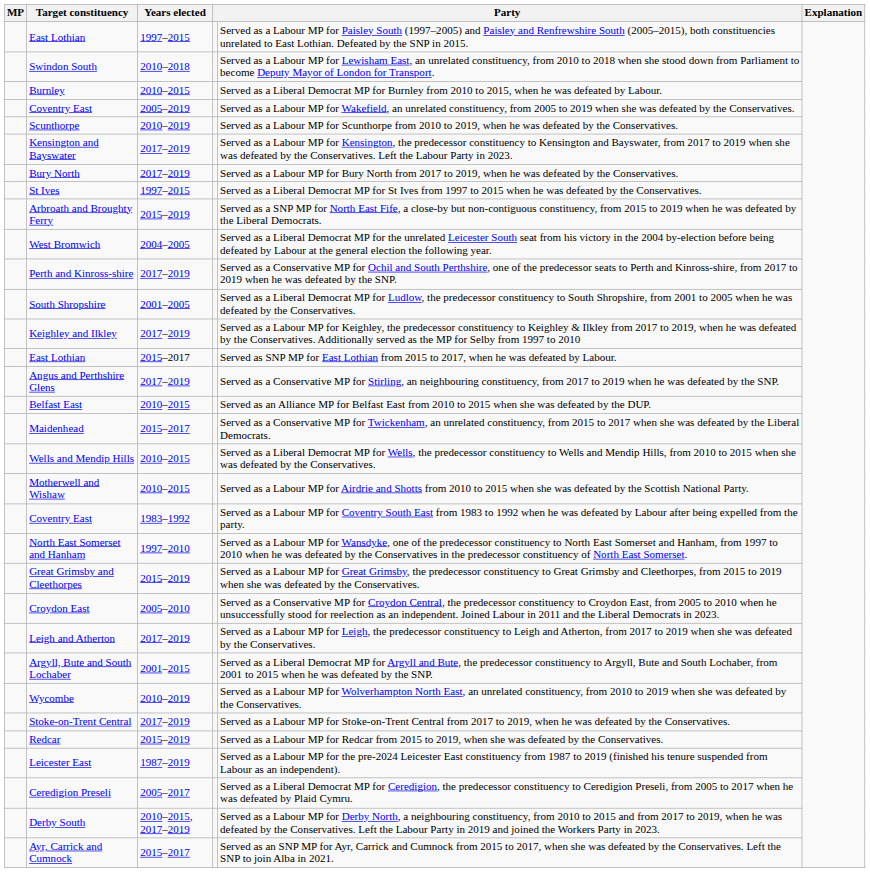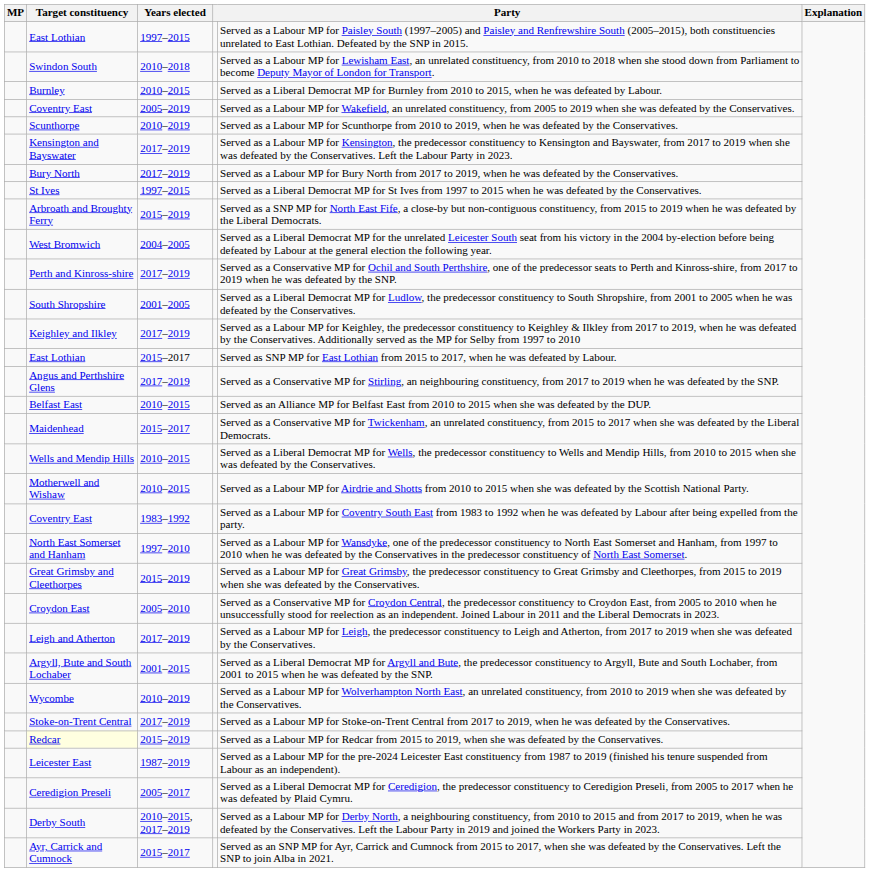 <table class="wikitable sortable">
 <tr>
 <th scope="col">MP</th>
 <th scope="col">Target constituency</th>
 <th scope="col">Years elected</th>
 <th colspan=2>Party</th>
 <th scope="col" class="unsortable">Explanation</th>
 </tr>
 <tr>
 <td></td>
 <td><a href='#'>East Lothian</a></td>
 <td><a href='#'>1997</a>–<a href='#'>2015</a></td>
 <td></td>
 <td>Served as a Labour MP for <a href='#'>Paisley South</a> (1997–2005) and <a href='#'>Paisley  and Renfrewshire South</a> (2005–2015), both constituencies unrelated to East Lothian. Defeated by the SNP in 2015.</td>
 </tr>
 <tr>
 <td></td>
 <td><a href='#'>Swindon South</a></td>
 <td><a href='#'>2010</a>–<a href='#'>2018</a></td>
 <td></td>
 <td>Served as a Labour MP for <a href='#'>Lewisham East</a>, an unrelated constituency, from 2010 to 2018 when she stood down from Parliament to become <a href='#'>Deputy Mayor of London for Transport</a>.</td>
 </tr>
 <tr>
 <td></td>
 <td><a href='#'>Burnley</a></td>
 <td><a href='#'>2010</a>–<a href='#'>2015</a></td>
 <td></td>
 <td>Served as a Liberal Democrat MP for Burnley from 2010 to 2015, when he was defeated by Labour.</td>
 </tr>
 <tr>
 <td></td>
 <td><a href='#'>Coventry East</a></td>
 <td><a href='#'>2005</a>–<a href='#'>2019</a></td>
 <td></td>
 <td>Served as a Labour MP for <a href='#'>Wakefield</a>, an unrelated constituency, from 2005 to 2019 when she was defeated by the Conservatives.</td>
 </tr>
 <tr>
 <td></td>
 <td><a href='#'>Scunthorpe</a></td>
 <td><a href='#'>2010</a>–<a href='#'>2019</a></td>
 <td></td>
 <td>Served as a Labour MP for Scunthorpe from 2010 to 2019, when he was defeated by the Conservatives.</td>
 </tr>
 <tr>
 <td></td>
 <td><a href='#'>Kensington and Bayswater</a></td>
 <td><a href='#'>2017</a>–<a href='#'>2019</a></td>
 <td></td>
 <td>Served as a Labour MP for <a href='#'>Kensington</a>, the predecessor constituency to Kensington and Bayswater, from 2017 to 2019 when she was defeated by the Conservatives. Left the Labour Party in 2023.</td>
 </tr>
 <tr>
 <td></td>
 <td><a href='#'>Bury North</a></td>
 <td><a href='#'>2017</a>–<a href='#'>2019</a></td>
 <td></td>
 <td>Served as a Labour MP for Bury North from 2017 to 2019, when he was defeated by the Conservatives.</td>
 </tr>
 <tr>
 <td></td>
 <td><a href='#'>St Ives</a></td>
 <td><a href='#'>1997</a>–<a href='#'>2015</a></td>
 <td></td>
 <td>Served as a Liberal Democrat MP for St Ives from 1997 to 2015 when he was defeated by the Conservatives.</td>
 </tr>
 <tr>
 <td></td>
 <td><a href='#'>Arbroath and Broughty Ferry</a></td>
 <td><a href='#'>2015</a>–<a href='#'>2019</a></td>
 <td></td>
 <td>Served as a SNP MP for <a href='#'>North East Fife</a>, a close-by but non-contiguous constituency, from 2015 to 2019 when he was defeated by the Liberal Democrats.</td>
 </tr>
 <tr>
 <td></td>
 <td><a href='#'>West Bromwich</a></td>
 <td><a href='#'>2004</a>–<a href='#'>2005</a></td>
 <td></td>
 <td>Served as a Liberal Democrat MP for the unrelated <a href='#'>Leicester South</a> seat from his victory in the 2004 by-election before being defeated by Labour at the general election the following year.</td>
 </tr>
 <tr>
 <td></td>
 <td><a href='#'>Perth and Kinross-shire</a></td>
 <td><a href='#'>2017</a>–<a href='#'>2019</a></td>
 <td></td>
 <td>Served as a Conservative MP for <a href='#'>Ochil and South Perthshire</a>, one of the predecessor seats to Perth and Kinross-shire, from 2017 to 2019 when he was defeated by the SNP.</td>
 </tr>
 <tr>
 <td></td>
 <td><a href='#'>South Shropshire</a></td>
 <td><a href='#'>2001</a>–<a href='#'>2005</a></td>
 <td></td>
 <td>Served as a Liberal Democrat MP for <a href='#'>Ludlow</a>, the predecessor constituency to South Shropshire, from 2001 to 2005 when he was defeated by the Conservatives.</td>
 </tr>
 <tr>
 <td></td>
 <td><a href='#'>Keighley and Ilkley</a></td>
 <td><a href='#'>2017</a>–<a href='#'>2019</a></td>
 <td></td>
 <td>Served as a Labour MP for Keighley, the predecessor constituency to Keighley & Ilkley from 2017 to 2019, when he was defeated by the Conservatives. Additionally served as the MP for Selby from 1997 to 2010</td>
 </tr>
 <tr>
 <td></td>
 <td><a href='#'>East Lothian</a></td>
 <td><a href='#'>2015</a>–2017</td>
 <td></td>
 <td>Served as SNP MP for <a href='#'>East Lothian</a> from 2015 to 2017, when he was defeated by Labour.</td>
 </tr>
 <tr>
 <td></td>
 <td><a href='#'>Angus and Perthshire Glens</a></td>
 <td><a href='#'>2017</a>–<a href='#'>2019</a></td>
 <td></td>
 <td>Served as a Conservative MP for <a href='#'>Stirling</a>, an neighbouring constituency, from 2017 to 2019 when he was defeated by the SNP.</td>
 </tr>
 <tr>
 <td></td>
 <td><a href='#'>Belfast East</a></td>
 <td><a href='#'>2010</a>–<a href='#'>2015</a></td>
 <td></td>
 <td>Served as an Alliance MP for Belfast East from 2010 to 2015 when she was defeated by the DUP.</td>
 </tr>
 <tr>
 <td></td>
 <td><a href='#'>Maidenhead</a></td>
 <td><a href='#'>2015</a>–<a href='#'>2017</a></td>
 <td></td>
 <td>Served as a Conservative MP for <a href='#'>Twickenham</a>, an unrelated constituency, from 2015 to 2017 when she was defeated by the Liberal Democrats.</td>
 </tr>
 <tr>
 <td></td>
 <td><a href='#'>Wells and Mendip Hills</a></td>
 <td><a href='#'>2010</a>–<a href='#'>2015</a></td>
 <td></td>
 <td>Served as a Liberal Democrat MP for <a href='#'>Wells</a>, the predecessor constituency to Wells and Mendip Hills, from 2010 to 2015 when she was defeated by the Conservatives.</td>
 </tr>
 <tr>
 <td></td>
 <td><a href='#'>Motherwell and Wishaw</a></td>
 <td><a href='#'>2010</a>–<a href='#'>2015</a></td>
 <td></td>
 <td>Served as a Labour MP for <a href='#'>Airdrie and Shotts</a> from 2010 to 2015 when she was defeated by the Scottish National Party.</td>
 </tr>
 <tr>
 <td></td>
 <td><a href='#'>Coventry East</a></td>
 <td><a href='#'>1983</a>–<a href='#'>1992</a></td>
 <td></td>
 <td>Served as a Labour MP for <a href='#'>Coventry South East</a> from 1983 to 1992 when he was defeated by Labour after being expelled from the party.</td>
 </tr>
 <tr>
 <td></td>
 <td><a href='#'>North East Somerset and Hanham</a></td>
 <td><a href='#'>1997</a>–<a href='#'>2010</a></td>
 <td></td>
 <td>Served as a Labour MP for <a href='#'>Wansdyke</a>, one of the predecessor constituency to North East Somerset and Hanham, from 1997 to 2010 when he was defeated by the Conservatives in the predecessor constituency of <a href='#'>North East Somerset</a>.</td>
 </tr>
 <tr>
 <td></td>
 <td><a href='#'>Great Grimsby and Cleethorpes</a></td>
 <td><a href='#'>2015</a>–<a href='#'>2019</a></td>
 <td></td>
 <td>Served as a Labour MP for <a href='#'>Great Grimsby</a>, the predecessor constituency to Great Grimsby and Cleethorpes, from 2015 to 2019 when she was defeated by the Conservatives.</td>
 </tr>
 <tr>
 <td></td>
 <td><a href='#'>Croydon East</a></td>
 <td><a href='#'>2005</a>–<a href='#'>2010</a></td>
 <td></td>
 <td>Served as a Conservative MP for <a href='#'>Croydon Central</a>, the predecessor constituency to Croydon East, from 2005 to 2010 when he unsuccessfully stood for reelection as an independent. Joined Labour in 2011 and the Liberal Democrats in 2023.</td>
 </tr>
 <tr>
 <td></td>
 <td><a href='#'>Leigh and Atherton</a></td>
 <td><a href='#'>2017</a>–<a href='#'>2019</a></td>
 <td></td>
 <td>Served as a Labour MP for <a href='#'>Leigh</a>, the predecessor constituency to Leigh and Atherton, from 2017 to 2019 when she was defeated by the Conservatives.</td>
 </tr>
 <tr>
 <td></td>
 <td><a href='#'>Argyll, Bute and South Lochaber</a></td>
 <td><a href='#'>2001</a>–<a href='#'>2015</a></td>
 <td></td>
 <td>Served as a Liberal Democrat MP for <a href='#'>Argyll and Bute</a>, the predecessor constituency to Argyll, Bute and South Lochaber, from 2001 to 2015 when he was defeated by the SNP.</td>
 </tr>
 <tr>
 <td></td>
 <td><a href='#'>Wycombe</a></td>
 <td><a href='#'>2010</a>–<a href='#'>2019</a></td>
 <td></td>
 <td>Served as a Labour MP for <a href='#'>Wolverhampton North East</a>, an unrelated constituency, from 2010 to 2019 when she was defeated by the Conservatives.</td>
 </tr>
 <tr>
 <td></td>
 <td><a href='#'>Stoke-on-Trent Central</a></td>
 <td><a href='#'>2017</a>–<a href='#'>2019</a></td>
 <td></td>
 <td>Served as a Labour MP for Stoke-on-Trent Central from 2017 to 2019, when he was defeated by the Conservatives.</td>
 </tr>
 <tr>
 <td></td>
-<td><a href='#'>Redcar</a></td>
+<td style="background: lightyellow;"><a href='#'>Redcar</a></td>
 <td><a href='#'>2015</a>–<a href='#'>2019</a></td>
 <td></td>
 <td>Served as a Labour MP for Redcar from 2015 to 2019, when she was defeated by the Conservatives.</td>
 </tr>
 <tr>
 <td></td>
 <td><a href='#'>Leicester East</a></td>
 <td><a href='#'>1987</a>–<a href='#'>2019</a></td>
 <td></td>
 <td>Served as a Labour MP for the pre-2024 Leicester East constituency from 1987 to 2019 (finished his tenure suspended from Labour as an independent).</td>
 </tr>
 <tr>
 <td></td>
 <td><a href='#'>Ceredigion Preseli</a></td>
 <td><a href='#'>2005</a>–<a href='#'>2017</a></td>
 <td></td>
 <td>Served as a Liberal Democrat MP for <a href='#'>Ceredigion</a>, the predecessor constituency to Ceredigion Preseli, from 2005 to 2017 when he was defeated by Plaid Cymru.</td>
 </tr>
 <tr>
 <td></td>
 <td><a href='#'>Derby South</a></td>
 <td><a href='#'>2010</a>–<a href='#'>2015</a>, <a href='#'>2017</a>–<a href='#'>2019</a></td>
 <td></td>
 <td>Served as a Labour MP for <a href='#'>Derby North</a>, a neighbouring constituency, from 2010 to 2015 and from 2017 to 2019, when he was defeated by the Conservatives. Left the Labour Party in 2019 and joined the Workers Party in 2023.</td>
 </tr>
 <tr>
 <td></td>
 <td><a href='#'>Ayr, Carrick and Cumnock</a></td>
 <td><a href='#'>2015</a>–<a href='#'>2017</a></td>
 <td></td>
 <td>Served as an SNP MP for Ayr, Carrick and Cumnock from 2015 to 2017, when she was defeated by the Conservatives. Left the SNP to join Alba in 2021.</td>
 </tr>
 </table>
